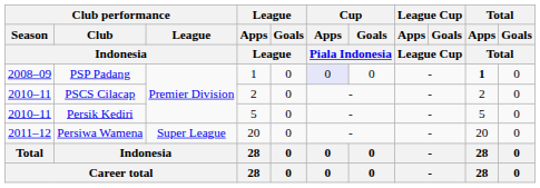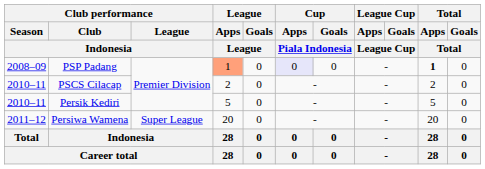 <table class="wikitable" style="text-align:center;">
 <tr>
 <th colspan=3>Club performance</th>
 <th colspan=2>League</th>
 <th colspan=2>Cup</th>
 <th colspan=2>League Cup</th>
 <th colspan=2>Total</th>
 </tr>
 <tr>
 <th>Season</th>
 <th>Club</th>
 <th>League</th>
 <th>Apps</th>
 <th>Goals</th>
 <th>Apps</th>
 <th>Goals</th>
 <th>Apps</th>
 <th>Goals</th>
 <th>Apps</th>
 <th>Goals</th>
 </tr>
 <tr>
 <th colspan=3>Indonesia</th>
 <th colspan=2>League</th>
 <th colspan=2><a href='#'>Piala Indonesia</a></th>
 <th colspan=2>League Cup</th>
 <th colspan=2>Total</th>
 </tr>
 <tr>
 <td><a href='#'>2008–09</a></td>
 <td rowspan="1"><a href='#'>PSP Padang</a></td>
 <td rowspan="3"><a href='#'>Premier Division</a></td>
-<td>1</td>
+<td style="background: lightsalmon;">1</td>
 <td>0</td>
 <td style="background: lavender;">0</td>
 <td>0</td>
 <td colspan="2">-</td>
 <td><strong>1</strong></td>
 <td>0</td>
 </tr>
 <tr>
 <td><a href='#'>2010–11</a></td>
 <td rowspan="1"><a href='#'>PSCS Cilacap</a></td>
 <td>2</td>
 <td>0</td>
 <td colspan="2">-</td>
 <td colspan="2">-</td>
 <td>2</td>
 <td>0</td>
 </tr>
 <tr>
 <td><a href='#'>2010–11</a></td>
 <td rowspan="1"><a href='#'>Persik Kediri</a></td>
 <td>5</td>
 <td>0</td>
 <td colspan="2">-</td>
 <td colspan="2">-</td>
 <td>5</td>
 <td>0</td>
 </tr>
 <tr>
 <td><a href='#'>2011–12</a></td>
 <td rowspan="1"><a href='#'>Persiwa Wamena</a></td>
 <td rowspan="1"><a href='#'>Super League</a></td>
 <td>20</td>
 <td>0</td>
 <td colspan="2">-</td>
 <td colspan="2">-</td>
 <td>20</td>
 <td>0</td>
 </tr>
 <tr>
 <th rowspan=1>Total</th>
 <th colspan=2>Indonesia</th>
 <th>28</th>
 <th>0</th>
 <th>0</th>
 <th>0</th>
 <th colspan="2">-</th>
 <th>28</th>
 <th>0</th>
 </tr>
 <tr>
 <th colspan=3>Career total</th>
 <th>28</th>
 <th>0</th>
 <th>0</th>
 <th>0</th>
 <th colspan="2">-</th>
 <th>28</th>
 <th>0</th>
 </tr>
 </table>
